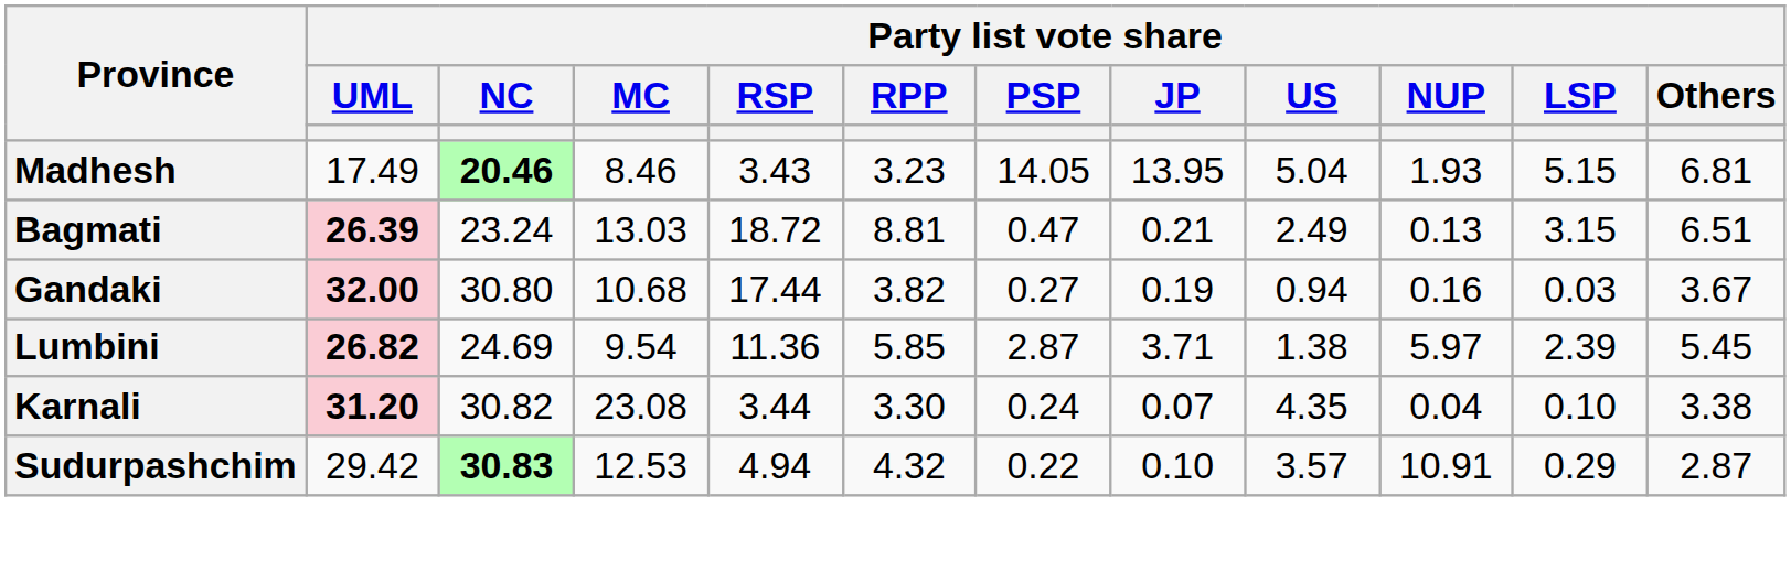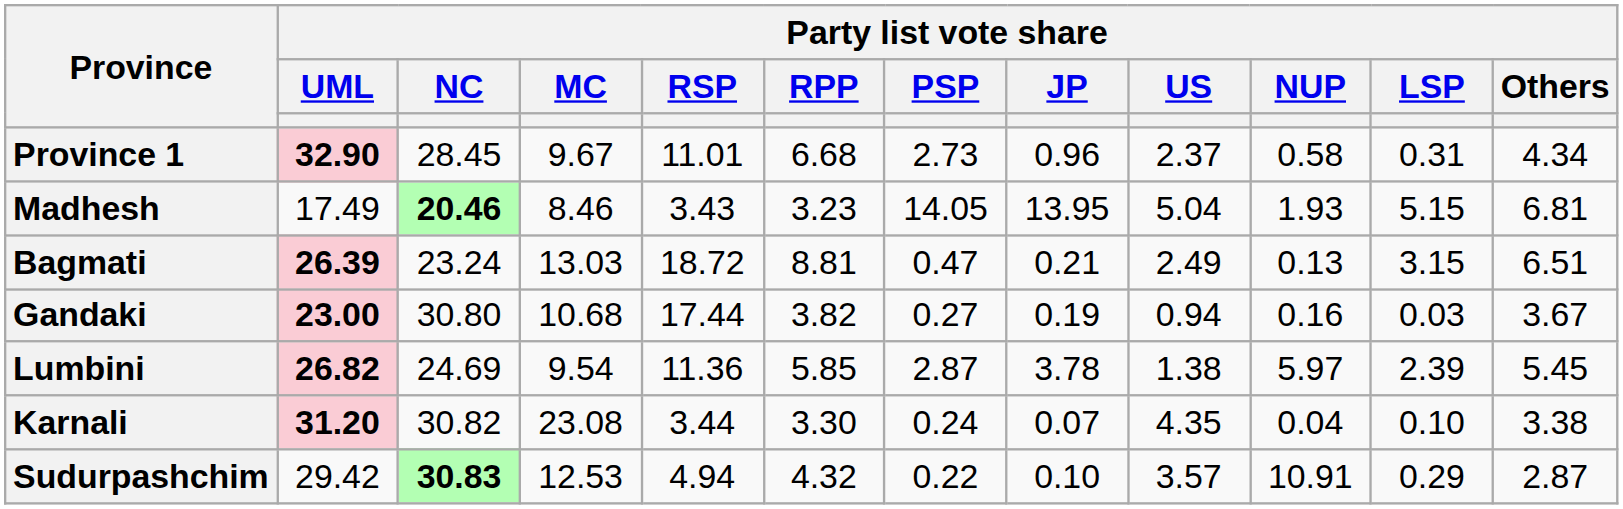 <table class="wikitable" style="text-align:center; font-size: 0.9em;">
 <tr>
 <th rowspan="3">Province</th>
 <th colspan="11">Party list vote share</th>
 </tr>
 <tr>
 <th class="unsortable" style="width:45px;"><a href='#'>UML</a></th>
 <th class="unsortable" style="width:45px;"><a href='#'>NC</a></th>
 <th class="unsortable" style="width:45px;"><a href='#'>MC</a></th>
 <th class="unsortable" style="width:45px;"><a href='#'>RSP</a></th>
 <th class="unsortable" style="width:45px;"><a href='#'>RPP</a></th>
 <th class="unsortable" style="width:45px;"><a href='#'>PSP</a></th>
 <th class="unsortable" style="width:45px;"><a href='#'>JP</a></th>
 <th class="unsortable" style="width:45px;"><a href='#'>US</a></th>
 <th class="unsortable" style="width:45px;"><a href='#'>NUP</a></th>
 <th class="unsortable" style="width:45px;"><a href='#'>LSP</a></th>
 <th class="unsortable" style="width:45px;">Others</th>
 </tr>
 <tr>
 <th style="background:"></th>
 <th style="background:"></th>
 <th style="background:"></th>
 <th style="background:"></th>
 <th style="background:"></th>
 <th style="background:"></th>
 <th style="background:"></th>
 <th style="background:"></th>
 <th style="background:"></th>
 <th style="background:"></th>
 <th style="background:"></th>
 </tr>
 <tr>
+<th style="text-align: left;">Province 1</th>
+<td bgcolor="#faccd5"><strong>32.90</strong></td>
+<td>28.45</td>
+<td>9.67</td>
+<td>11.01</td>
+<td>6.68</td>
+<td>2.73</td>
+<td>0.96</td>
+<td>2.37</td>
+<td>0.58</td>
+<td>0.31</td>
+<td>4.34</td>
+</tr>
+<tr>
 <th style="text-align: left;">Madhesh</th>
 <td>17.49</td>
 <td bgcolor="#b3ffb3"><strong>20.46</strong></td>
 <td>8.46</td>
 <td>3.43</td>
 <td>3.23</td>
 <td>14.05</td>
 <td>13.95</td>
 <td>5.04</td>
 <td>1.93</td>
 <td>5.15</td>
 <td>6.81</td>
 </tr>
 <tr>
 <th style="text-align: left;">Bagmati</th>
 <td bgcolor="#faccd5"><strong>26.39</strong></td>
 <td>23.24</td>
 <td>13.03</td>
 <td>18.72</td>
 <td>8.81</td>
 <td>0.47</td>
 <td>0.21</td>
 <td>2.49</td>
 <td>0.13</td>
 <td>3.15</td>
 <td>6.51</td>
 </tr>
 <tr>
 <th style="text-align: left;">Gandaki</th>
-<td bgcolor="#faccd5"><strong>32.00</strong></td>
+<td bgcolor="#faccd5"><strong>23.00</strong></td>
 <td>30.80</td>
 <td>10.68</td>
 <td>17.44</td>
 <td>3.82</td>
 <td>0.27</td>
 <td>0.19</td>
 <td>0.94</td>
 <td>0.16</td>
 <td>0.03</td>
 <td>3.67</td>
 </tr>
 <tr>
 <th style="text-align: left;">Lumbini</th>
 <td bgcolor="#faccd5"><strong>26.82</strong></td>
 <td>24.69</td>
 <td>9.54</td>
 <td>11.36</td>
 <td>5.85</td>
 <td>2.87</td>
-<td>3.71</td>
+<td>3.78</td>
 <td>1.38</td>
 <td>5.97</td>
 <td>2.39</td>
 <td>5.45</td>
 </tr>
 <tr>
 <th style="text-align: left;">Karnali</th>
 <td bgcolor="#faccd5"><strong>31.20</strong></td>
 <td>30.82</td>
 <td>23.08</td>
 <td>3.44</td>
 <td>3.30</td>
 <td>0.24</td>
 <td>0.07</td>
 <td>4.35</td>
 <td>0.04</td>
 <td>0.10</td>
 <td>3.38</td>
 </tr>
 <tr>
 <th style="text-align: left;">Sudurpashchim</th>
 <td>29.42</td>
 <td bgcolor="#b3ffb3"><strong>30.83</strong></td>
 <td>12.53</td>
 <td>4.94</td>
 <td>4.32</td>
 <td>0.22</td>
 <td>0.10</td>
 <td>3.57</td>
 <td>10.91</td>
 <td>0.29</td>
 <td>2.87</td>
 </tr>
 </table>
